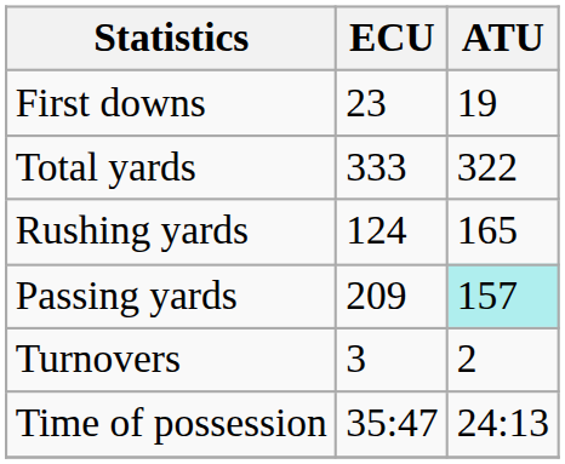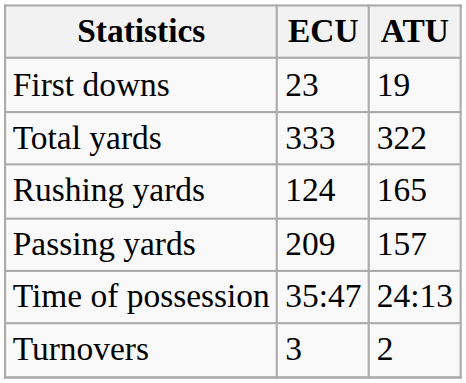 <table class="wikitable" style="float: left;">
 <tr>
 <th>Statistics</th>
 <th>ECU</th>
 <th>ATU</th>
 </tr>
 <tr>
 <td>First downs</td>
 <td>23</td>
 <td>19</td>
 </tr>
 <tr>
 <td>Total yards</td>
 <td>333</td>
 <td>322</td>
 </tr>
 <tr>
 <td>Rushing yards</td>
 <td>124</td>
 <td>165</td>
 </tr>
 <tr>
 <td>Passing yards</td>
 <td>209</td>
-<td style="background: paleturquoise;">157</td>
+<td>157</td>
+</tr>
+<tr>
+<td>Time of possession</td>
+<td>35:47</td>
+<td>24:13</td>
 </tr>
 <tr>
 <td>Turnovers</td>
 <td>3</td>
 <td>2</td>
 </tr>
 <tr>
-<td>Time of possession</td>
-<td>35:47</td>
-<td>24:13</td>
-</tr>
-<tr>
 </tr>
 </table>
